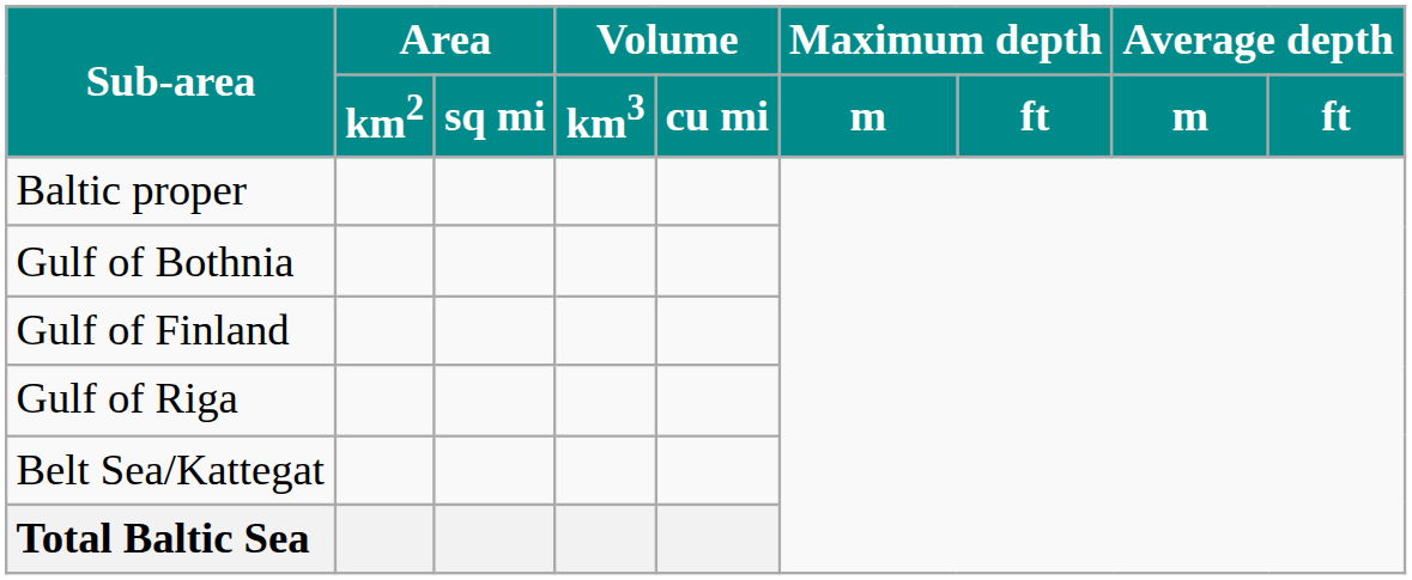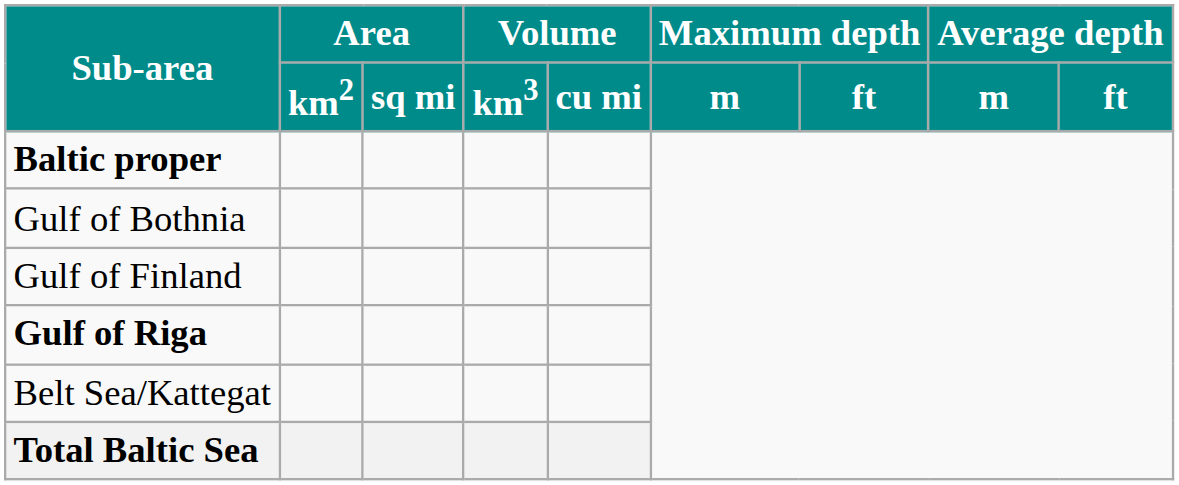 <table class="wikitable sortable">
 <tr>
 <th style="background: DarkCyan; color: white; text-align: center" rowspan=2>Sub-area</th>
 <th style="background: DarkCyan; color: white; text-align: center" colspan=2>Area</th>
 <th style="background: DarkCyan; color: white; text-align: center" colspan=2>Volume</th>
 <th style="background: DarkCyan; color: white; text-align: center" colspan=2>Maximum depth</th>
 <th style="background: DarkCyan; color: white; text-align: center" colspan=2>Average depth</th>
 </tr>
 <tr>
 <th style="background: DarkCyan; color: white; text-align: center">km<sup>2</sup></th>
 <th style="background: DarkCyan; color: white; text-align: center">sq mi</th>
 <th style="background: DarkCyan; color: white; text-align: center">km<sup>3</sup></th>
 <th style="background: DarkCyan; color: white; text-align: center">cu mi</th>
 <th style="background: DarkCyan; color: white; text-align: center">m</th>
 <th style="background: DarkCyan; color: white; text-align: center">ft</th>
 <th style="background: DarkCyan; color: white; text-align: center">m</th>
 <th style="background: DarkCyan; color: white; text-align: center">ft</th>
 </tr>
 <tr>
-<td style="text-align: left">Baltic proper</td>
+<td style="text-align: left"><strong>Baltic proper</strong></td>
 <td></td>
 <td></td>
 <td></td>
 <td></td>
 </tr>
 <tr>
 <td style="text-align: left">Gulf of Bothnia</td>
 <td></td>
 <td></td>
 <td></td>
 <td></td>
 </tr>
 <tr>
 <td style="text-align: left">Gulf of Finland</td>
 <td></td>
 <td></td>
 <td></td>
 <td></td>
 </tr>
 <tr>
-<td style="text-align: left">Gulf of Riga</td>
+<td style="text-align: left"><strong>Gulf of Riga</strong></td>
 <td></td>
 <td></td>
 <td></td>
 <td></td>
 </tr>
 <tr>
 <td style="text-align: left">Belt Sea/Kattegat</td>
 <td></td>
 <td></td>
 <td></td>
 <td></td>
 </tr>
 <tr>
 <th style="text-align: left">Total Baltic Sea</th>
 <th></th>
 <th></th>
 <th></th>
 <th></th>
 </tr>
 </table>
